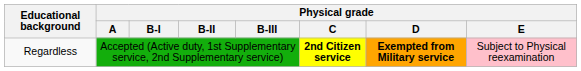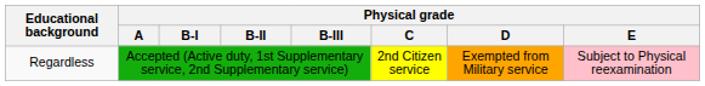 <table class="wikitable">
 <tr>
 <th rowspan="2">Educational background</th>
 <th colspan="7">Physical grade</th>
 </tr>
 <tr>
 <th>A</th>
 <th>B-I</th>
 <th>B-II</th>
 <th>B-III</th>
 <th>C</th>
 <th>D</th>
 <th>E</th>
 </tr>
 <tr>
 <td div style="text-align:center">Regardless</td>
 <td colspan="4" div style="background:#13ae0c; text-align:center;">Accepted (Active duty, 1st Supplementary service, 2nd Supplementary service)</td>
-<td div style="background:yellow; text-align:center;"><strong>2nd Citizen service</strong></td>
-<td div style="background:orange; text-align:center;"><strong>Exempted from Military service</strong></td>
+<td div style="background:yellow; text-align:center;">2nd Citizen service</td>
+<td div style="background:orange; text-align:center;">Exempted from Military service</td>
 <td div style="background:pink; text-align:center;">Subject to Physical reexamination</td>
 </tr>
 </table>
